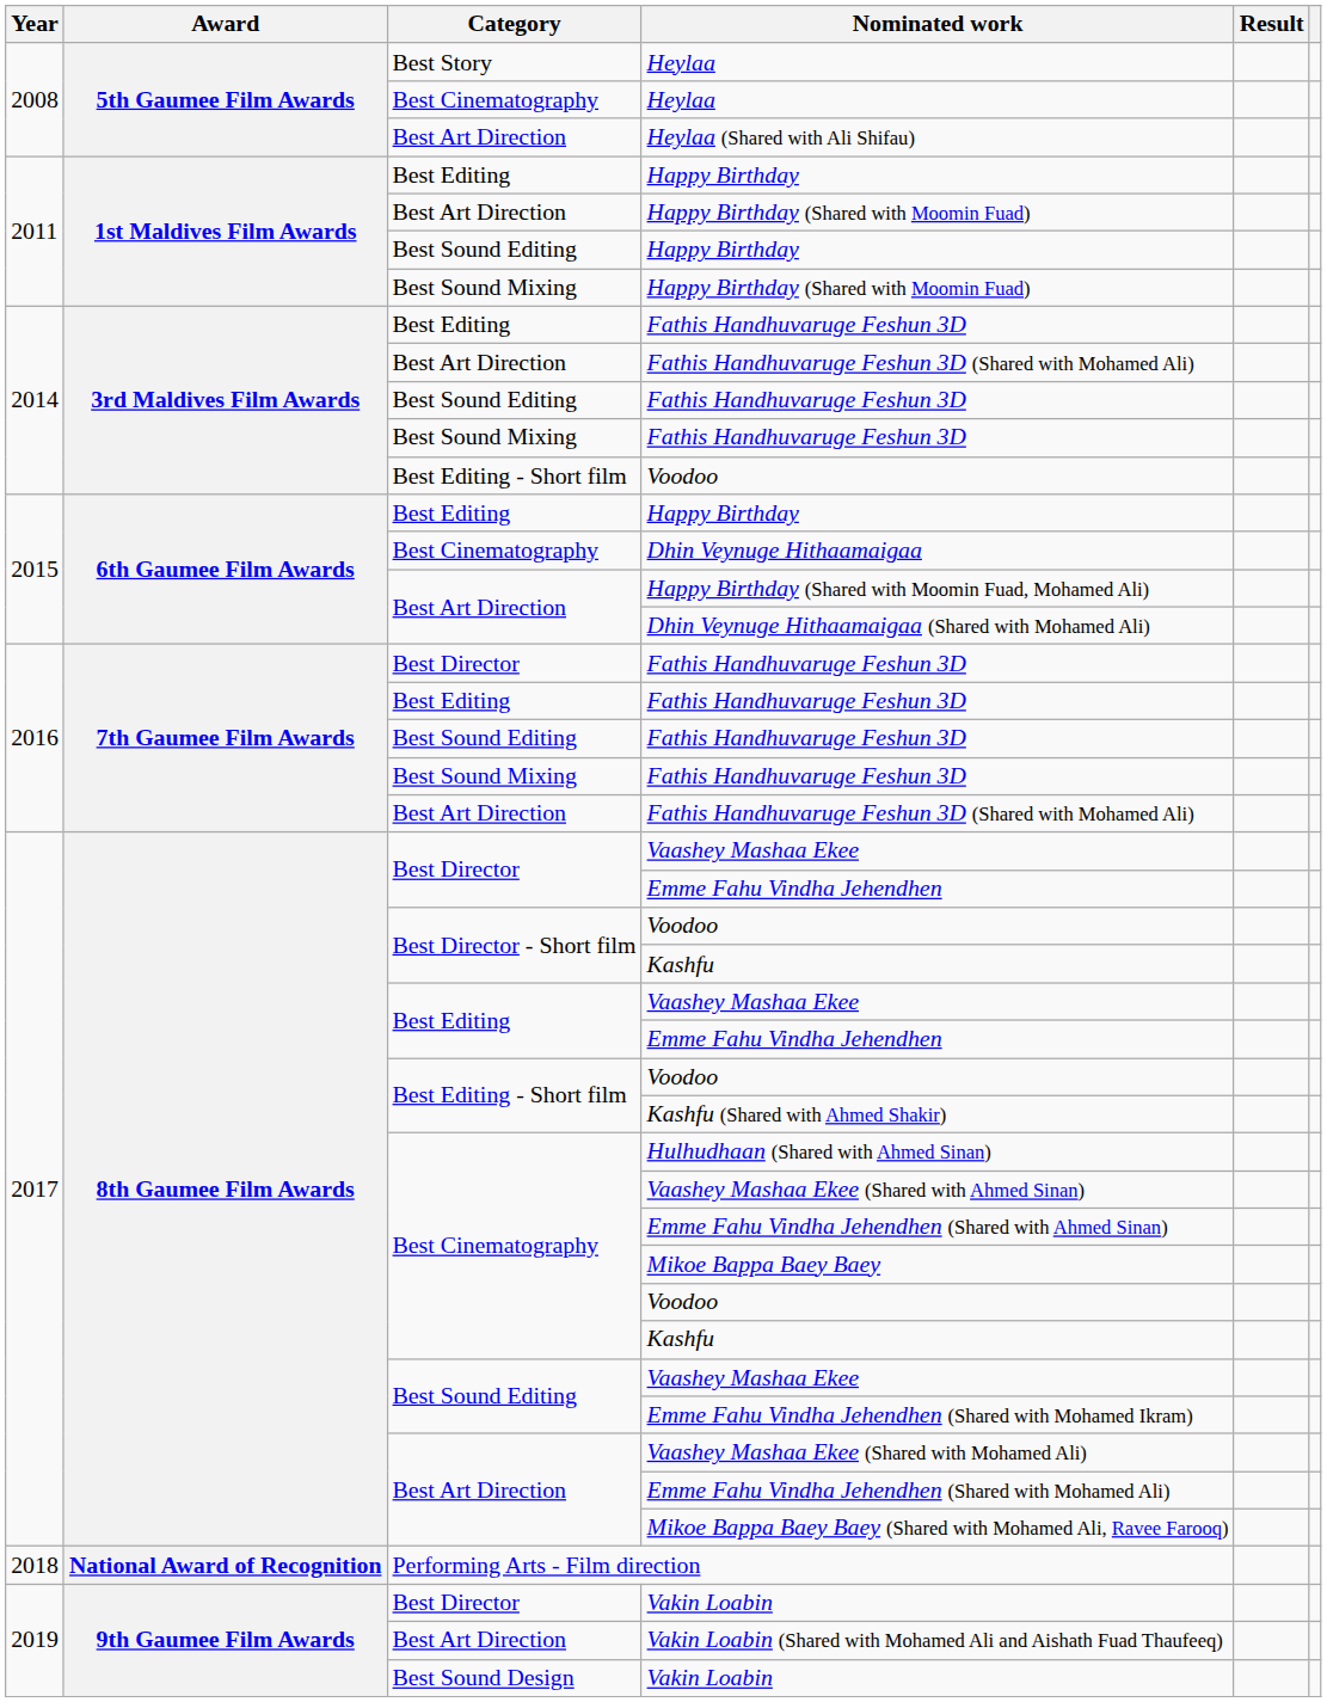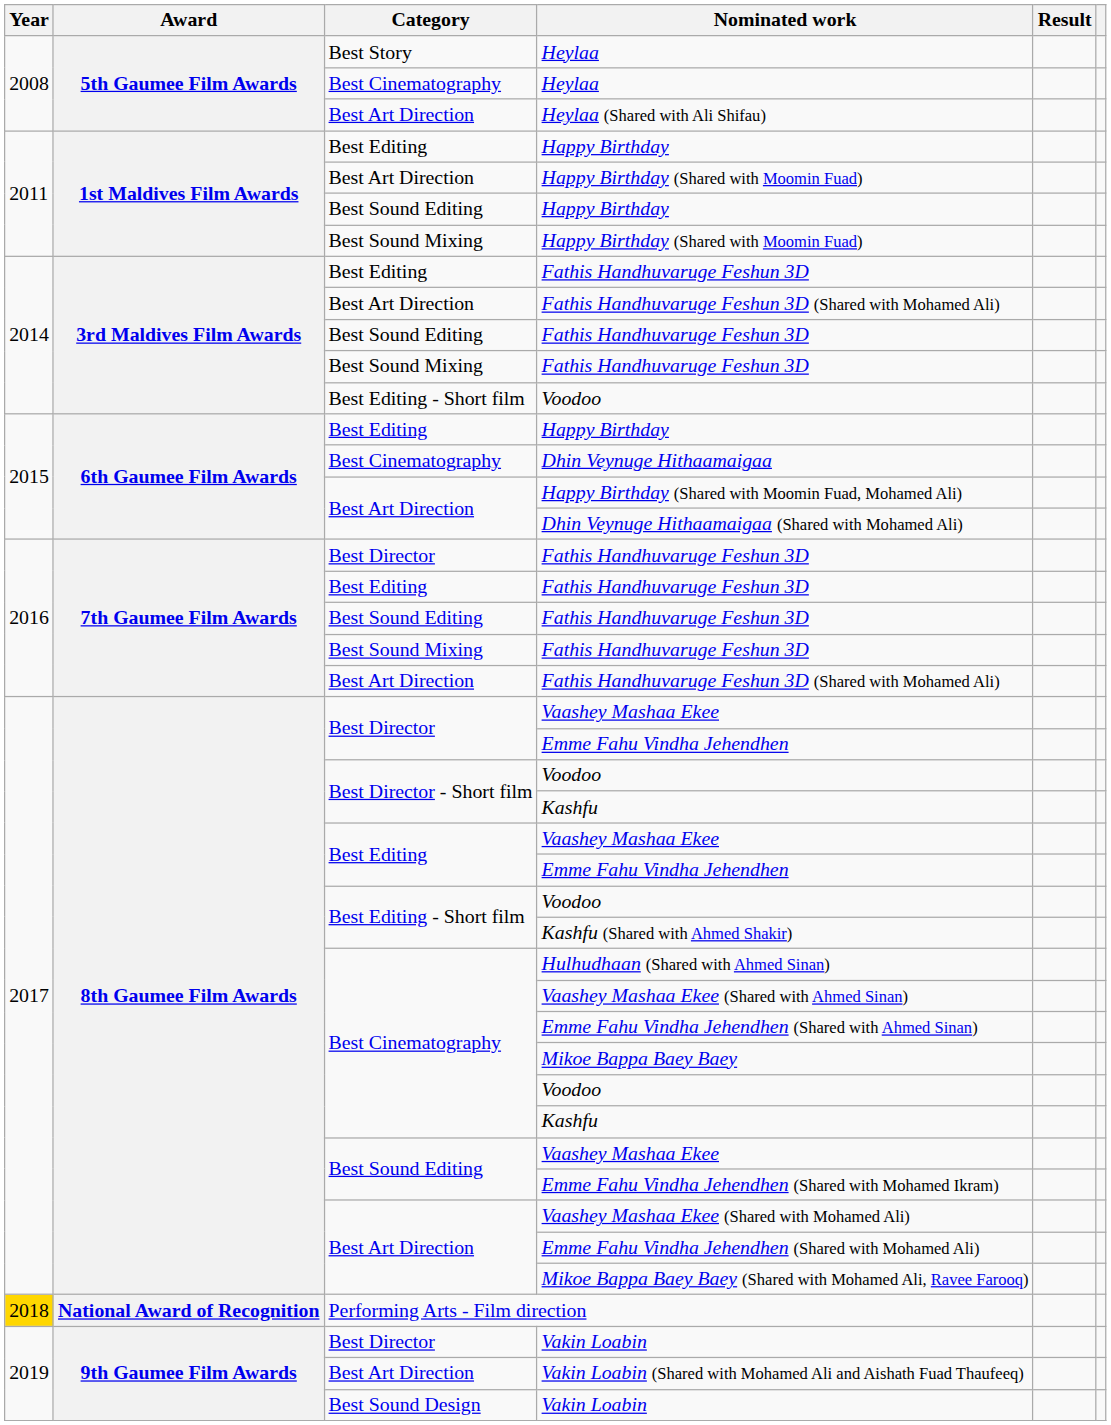 <table class="wikitable plainrowheaders sortable">
 <tr>
 <th scope="col">Year</th>
 <th scope="col">Award</th>
 <th scope="col">Category</th>
 <th scope="col">Nominated work</th>
 <th scope="col">Result</th>
 <th scope="col" class="unsortable"></th>
 </tr>
 <tr>
 <td rowspan="3">2008</td>
 <th scope="row" rowspan="3"><a href='#'>5th Gaumee Film Awards</a></th>
 <td>Best Story</td>
 <td><em><a href='#'>Heylaa</a></em></td>
 <td></td>
 <td style="text-align:center;"></td>
 </tr>
 <tr>
 <td><a href='#'>Best Cinematography</a></td>
 <td><em><a href='#'>Heylaa</a></em></td>
 <td></td>
 <td style="text-align:center;"></td>
 </tr>
 <tr>
 <td><a href='#'>Best Art Direction</a></td>
 <td><em><a href='#'>Heylaa</a></em> <small>(Shared with Ali Shifau)</small></td>
 <td></td>
 <td style="text-align:center;"></td>
 </tr>
 <tr>
 <td rowspan="4">2011</td>
 <th scope="row" rowspan="4"><a href='#'>1st Maldives Film Awards</a></th>
 <td>Best Editing</td>
 <td><em><a href='#'>Happy Birthday</a></em></td>
 <td></td>
 <td style="text-align:center;"></td>
 </tr>
 <tr>
 <td>Best Art Direction</td>
 <td><em><a href='#'>Happy Birthday</a></em> <small>(Shared with <a href='#'>Moomin Fuad</a>)</small></td>
 <td></td>
 <td style="text-align:center;"></td>
 </tr>
 <tr>
 <td>Best Sound Editing</td>
 <td><em><a href='#'>Happy Birthday</a></em></td>
 <td></td>
 <td style="text-align:center;"></td>
 </tr>
 <tr>
 <td>Best Sound Mixing</td>
 <td><em><a href='#'>Happy Birthday</a></em> <small>(Shared with <a href='#'>Moomin Fuad</a>)</small></td>
 <td></td>
 <td style="text-align:center;"></td>
 </tr>
 <tr>
 <td rowspan="5">2014</td>
 <th scope="row" rowspan="5"><a href='#'>3rd Maldives Film Awards</a></th>
 <td>Best Editing</td>
 <td><em><a href='#'>Fathis Handhuvaruge Feshun 3D</a></em></td>
 <td></td>
 <td style="text-align:center;"></td>
 </tr>
 <tr>
 <td>Best Art Direction</td>
 <td><em><a href='#'>Fathis Handhuvaruge Feshun 3D</a></em> <small>(Shared with Mohamed Ali)</small></td>
 <td></td>
 <td style="text-align:center;"></td>
 </tr>
 <tr>
 <td>Best Sound Editing</td>
 <td><em><a href='#'>Fathis Handhuvaruge Feshun 3D</a></em></td>
 <td></td>
 <td style="text-align:center;"></td>
 </tr>
 <tr>
 <td>Best Sound Mixing</td>
 <td><em><a href='#'>Fathis Handhuvaruge Feshun 3D</a></em></td>
 <td></td>
 <td style="text-align:center;"></td>
 </tr>
 <tr>
 <td>Best Editing - Short film</td>
 <td><em>Voodoo</em></td>
 <td></td>
 <td style="text-align:center;"></td>
 </tr>
 <tr>
 <td rowspan="4">2015</td>
 <th scope="row" rowspan="4"><a href='#'>6th Gaumee Film Awards</a></th>
 <td><a href='#'>Best Editing</a></td>
 <td><em><a href='#'>Happy Birthday</a></em></td>
 <td></td>
 <td style="text-align:center;"></td>
 </tr>
 <tr>
 <td><a href='#'>Best Cinematography</a></td>
 <td><em><a href='#'>Dhin Veynuge Hithaamaigaa</a></em></td>
 <td></td>
 <td style="text-align:center;"></td>
 </tr>
 <tr>
 <td rowspan="2"><a href='#'>Best Art Direction</a></td>
 <td><em><a href='#'>Happy Birthday</a></em> <small>(Shared with Moomin Fuad, Mohamed Ali)</small></td>
 <td></td>
 <td style="text-align:center;"></td>
 </tr>
 <tr>
 <td><em><a href='#'>Dhin Veynuge Hithaamaigaa</a></em> <small>(Shared with Mohamed Ali)</small></td>
 <td></td>
 <td style="text-align:center;"></td>
 </tr>
 <tr>
 <td rowspan="5">2016</td>
 <th scope="row" rowspan="5"><a href='#'>7th Gaumee Film Awards</a></th>
 <td><a href='#'>Best Director</a></td>
 <td><em><a href='#'>Fathis Handhuvaruge Feshun 3D</a></em></td>
 <td></td>
 <td style="text-align:center;"></td>
 </tr>
 <tr>
 <td><a href='#'>Best Editing</a></td>
 <td><em><a href='#'>Fathis Handhuvaruge Feshun 3D</a></em></td>
 <td></td>
 <td style="text-align:center;"></td>
 </tr>
 <tr>
 <td><a href='#'>Best Sound Editing</a></td>
 <td><em><a href='#'>Fathis Handhuvaruge Feshun 3D</a></em></td>
 <td></td>
 <td style="text-align:center;"></td>
 </tr>
 <tr>
 <td><a href='#'>Best Sound Mixing</a></td>
 <td><em><a href='#'>Fathis Handhuvaruge Feshun 3D</a></em></td>
 <td></td>
 <td style="text-align:center;"></td>
 </tr>
 <tr>
 <td><a href='#'>Best Art Direction</a></td>
 <td><em><a href='#'>Fathis Handhuvaruge Feshun 3D</a></em> <small>(Shared with Mohamed Ali)</small></td>
 <td></td>
 <td style="text-align:center;"></td>
 </tr>
 <tr>
 <td rowspan="19">2017</td>
 <th scope="row" rowspan="19"><a href='#'>8th Gaumee Film Awards</a></th>
 <td rowspan="2"><a href='#'>Best Director</a></td>
 <td><em><a href='#'>Vaashey Mashaa Ekee</a></em></td>
 <td></td>
 <td style="text-align:center;"></td>
 </tr>
 <tr>
 <td><em><a href='#'>Emme Fahu Vindha Jehendhen</a></em></td>
 <td></td>
 <td style="text-align:center;"></td>
 </tr>
 <tr>
 <td rowspan="2"><a href='#'>Best Director</a> - Short film</td>
 <td><em>Voodoo</em></td>
 <td></td>
 <td style="text-align:center;"></td>
 </tr>
 <tr>
 <td><em>Kashfu</em></td>
 <td></td>
 <td style="text-align:center;"></td>
 </tr>
 <tr>
 <td rowspan="2"><a href='#'>Best Editing</a></td>
 <td><em><a href='#'>Vaashey Mashaa Ekee</a></em></td>
 <td></td>
 <td style="text-align:center;"></td>
 </tr>
 <tr>
 <td><em><a href='#'>Emme Fahu Vindha Jehendhen</a></em></td>
 <td></td>
 <td style="text-align:center;"></td>
 </tr>
 <tr>
 <td rowspan="2"><a href='#'>Best Editing</a> - Short film</td>
 <td><em>Voodoo</em></td>
 <td></td>
 <td style="text-align:center;"></td>
 </tr>
 <tr>
 <td><em>Kashfu</em> <small> (Shared with <a href='#'>Ahmed Shakir</a>)</small></td>
 <td></td>
 <td style="text-align:center;"></td>
 </tr>
 <tr>
 <td rowspan="6"><a href='#'>Best Cinematography</a></td>
 <td><em><a href='#'>Hulhudhaan</a></em> <small>(Shared with <a href='#'>Ahmed Sinan</a>)</small></td>
 <td></td>
 <td style="text-align:center;"></td>
 </tr>
 <tr>
 <td><em><a href='#'>Vaashey Mashaa Ekee</a></em> <small>(Shared with <a href='#'>Ahmed Sinan</a>)</small></td>
 <td></td>
 <td style="text-align:center;"></td>
 </tr>
 <tr>
 <td><em><a href='#'>Emme Fahu Vindha Jehendhen</a></em> <small>(Shared with <a href='#'>Ahmed Sinan</a>)</small></td>
 <td></td>
 <td style="text-align:center;"></td>
 </tr>
 <tr>
 <td><em><a href='#'>Mikoe Bappa Baey Baey</a></em></td>
 <td></td>
 <td style="text-align:center;"></td>
 </tr>
 <tr>
 <td><em>Voodoo</em></td>
 <td></td>
 <td style="text-align:center;"></td>
 </tr>
 <tr>
 <td><em>Kashfu</em></td>
 <td></td>
 <td style="text-align:center;"></td>
 </tr>
 <tr>
 <td rowspan="2"><a href='#'>Best Sound Editing</a></td>
 <td><em><a href='#'>Vaashey Mashaa Ekee</a></em></td>
 <td></td>
 <td style="text-align:center;"></td>
 </tr>
 <tr>
 <td><em><a href='#'>Emme Fahu Vindha Jehendhen</a></em> <small>(Shared with Mohamed Ikram)</small></td>
 <td></td>
 <td style="text-align:center;"></td>
 </tr>
 <tr>
 <td rowspan="3"><a href='#'>Best Art Direction</a></td>
 <td><em><a href='#'>Vaashey Mashaa Ekee</a></em> <small>(Shared with Mohamed Ali)</small></td>
 <td></td>
 <td style="text-align:center;"></td>
 </tr>
 <tr>
 <td><em><a href='#'>Emme Fahu Vindha Jehendhen</a></em> <small>(Shared with Mohamed Ali)</small></td>
 <td></td>
 <td style="text-align:center;"></td>
 </tr>
 <tr>
 <td><em><a href='#'>Mikoe Bappa Baey Baey</a></em> <small>(Shared with Mohamed Ali, <a href='#'>Ravee Farooq</a>)</small></td>
 <td></td>
 <td style="text-align:center;"></td>
 </tr>
 <tr>
-<td>2018</td>
+<td style="background: gold;">2018</td>
 <th scope="row"><a href='#'>National Award of Recognition</a></th>
 <td colspan="2"><a href='#'>Performing Arts - Film direction</a></td>
 <td></td>
 <td style="text-align:center;"></td>
 </tr>
 <tr>
 <td rowspan="3">2019</td>
 <th scope="row" rowspan="3"><a href='#'>9th Gaumee Film Awards</a></th>
 <td><a href='#'>Best Director</a></td>
 <td><em><a href='#'>Vakin Loabin</a></em></td>
 <td></td>
 <td style="text-align:center;"></td>
 </tr>
 <tr>
 <td><a href='#'>Best Art Direction</a></td>
 <td><em><a href='#'>Vakin Loabin</a></em> <small>(Shared with Mohamed Ali and Aishath Fuad Thaufeeq)</small></td>
 <td></td>
 <td style="text-align:center;"></td>
 </tr>
 <tr>
 <td><a href='#'>Best Sound Design</a></td>
 <td><em><a href='#'>Vakin Loabin</a></em></td>
 <td></td>
 <td style="text-align:center;"></td>
 </tr>
 <tr>
 </tr>
 </table>
